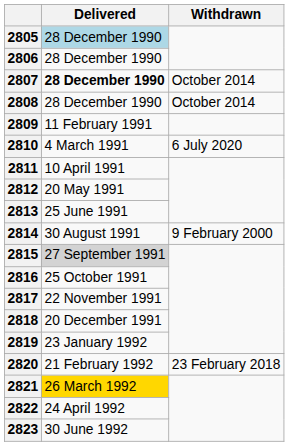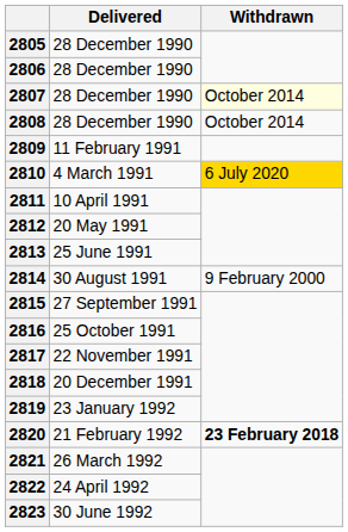 <table class="wikitable">
 <tr>
 <th></th>
 <th>Delivered</th>
 <th>Withdrawn</th>
 </tr>
 <tr>
 <th>2805</th>
-<td style="background: lightblue;">28 December 1990</td>
+<td>28 December 1990</td>
 </tr>
 <tr>
 <th>2806</th>
 <td>28 December 1990</td>
 </tr>
 <tr>
 <th>2807</th>
-<td><strong>28 December 1990</strong></td>
-<td>October 2014</td>
+<td>28 December 1990</td>
+<td style="background: lightyellow;">October 2014</td>
 </tr>
 <tr>
 <th>2808</th>
 <td>28 December 1990</td>
 <td>October 2014</td>
 </tr>
 <tr>
 <th>2809</th>
 <td>11 February 1991</td>
 </tr>
 <tr>
 <th>2810</th>
 <td>4 March 1991</td>
-<td>6 July 2020</td>
+<td style="background: gold;">6 July 2020</td>
 </tr>
 <tr>
 <th>2811</th>
 <td>10 April 1991</td>
 </tr>
 <tr>
 <th>2812</th>
 <td>20 May 1991</td>
 </tr>
 <tr>
 <th>2813</th>
 <td>25 June 1991</td>
 </tr>
 <tr>
 <th>2814</th>
 <td>30 August 1991</td>
 <td>9 February 2000</td>
 </tr>
 <tr>
 <th>2815</th>
-<td style="background: lightgrey;">27 September 1991</td>
+<td>27 September 1991</td>
 </tr>
 <tr>
 <th>2816</th>
 <td>25 October 1991</td>
 </tr>
 <tr>
 <th>2817</th>
 <td>22 November 1991</td>
 </tr>
 <tr>
 <th>2818</th>
 <td>20 December 1991</td>
 </tr>
 <tr>
 <th>2819</th>
 <td>23 January 1992</td>
 </tr>
 <tr>
 <th>2820</th>
 <td>21 February 1992</td>
-<td>23 February 2018</td>
+<td><strong>23 February 2018</strong></td>
 </tr>
 <tr>
 <th>2821</th>
-<td style="background: gold;">26 March 1992</td>
+<td>26 March 1992</td>
 </tr>
 <tr>
 <th>2822</th>
 <td>24 April 1992</td>
 </tr>
 <tr>
 <th>2823</th>
 <td>30 June 1992</td>
 </tr>
 </table>
